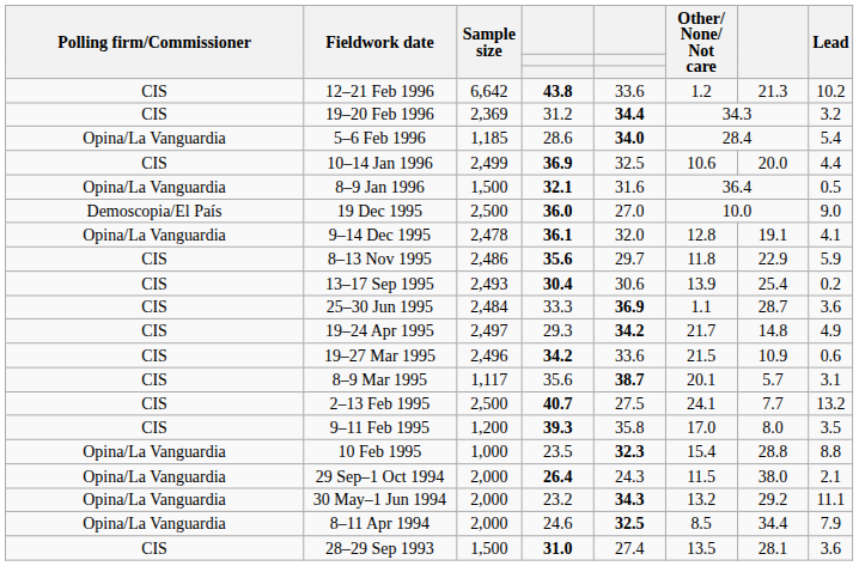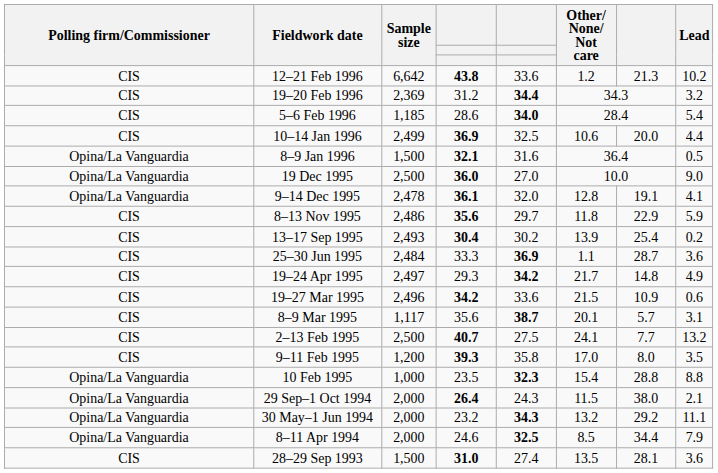 <table class="wikitable collapsible collapsed" style="text-align:center; font-size:90%; line-height:14px;">
 <tr style="height:42px;">
 <th style="width:250px;" rowspan="3">Polling firm/Commissioner</th>
 <th style="width:125px;" rowspan="3">Fieldwork date</th>
 <th style="width:50px;" rowspan="3">Sample size</th>
 <th style="width:55px;"></th>
 <th style="width:55px;"></th>
 <th style="width:55px;" rowspan="3">Other/<br>None/<br>Not<br>care</th>
 <th style="width:55px;" rowspan="3"></th>
 <th style="width:30px;" rowspan="3">Lead</th>
 </tr>
 <tr>
 <th style="color:inherit;background:"></th>
 <th style="color:inherit;background:"></th>
 </tr>
 <tr>
 <th></th>
 <th></th>
 </tr>
 <tr>
 <td>CIS</td>
 <td>12–21 Feb 1996</td>
 <td>6,642</td>
 <td><strong>43.8</strong></td>
 <td>33.6</td>
 <td>1.2</td>
 <td>21.3</td>
 <td style="background:">10.2</td>
 </tr>
 <tr>
 <td>CIS</td>
 <td>19–20 Feb 1996</td>
 <td>2,369</td>
 <td>31.2</td>
 <td><strong>34.4</strong></td>
 <td colspan="2">34.3</td>
 <td style="background:">3.2</td>
 </tr>
 <tr>
-<td>Opina/La Vanguardia</td>
+<td>CIS</td>
 <td>5–6 Feb 1996</td>
 <td>1,185</td>
 <td>28.6</td>
 <td><strong>34.0</strong></td>
 <td colspan="2">28.4</td>
 <td style="background:">5.4</td>
 </tr>
 <tr>
 <td>CIS</td>
 <td>10–14 Jan 1996</td>
 <td>2,499</td>
 <td><strong>36.9</strong></td>
 <td>32.5</td>
 <td>10.6</td>
 <td>20.0</td>
 <td style="background:">4.4</td>
 </tr>
 <tr>
 <td>Opina/La Vanguardia</td>
 <td>8–9 Jan 1996</td>
 <td>1,500</td>
 <td><strong>32.1</strong></td>
 <td>31.6</td>
 <td colspan="2">36.4</td>
 <td style="background:">0.5</td>
 </tr>
 <tr>
-<td>Demoscopia/El País</td>
+<td>Opina/La Vanguardia</td>
 <td>19 Dec 1995</td>
 <td>2,500</td>
 <td><strong>36.0</strong></td>
 <td>27.0</td>
 <td colspan="2">10.0</td>
 <td style="background:">9.0</td>
 </tr>
 <tr>
 <td>Opina/La Vanguardia</td>
 <td>9–14 Dec 1995</td>
 <td>2,478</td>
 <td><strong>36.1</strong></td>
 <td>32.0</td>
 <td>12.8</td>
 <td>19.1</td>
 <td style="background:">4.1</td>
 </tr>
 <tr>
 <td>CIS</td>
 <td>8–13 Nov 1995</td>
 <td>2,486</td>
 <td><strong>35.6</strong></td>
 <td>29.7</td>
 <td>11.8</td>
 <td>22.9</td>
 <td style="background:">5.9</td>
 </tr>
 <tr>
 <td>CIS</td>
 <td>13–17 Sep 1995</td>
 <td>2,493</td>
 <td><strong>30.4</strong></td>
-<td>30.6</td>
+<td>30.2</td>
 <td>13.9</td>
 <td>25.4</td>
 <td style="background:">0.2</td>
 </tr>
 <tr>
 <td>CIS</td>
 <td>25–30 Jun 1995</td>
 <td>2,484</td>
 <td>33.3</td>
 <td><strong>36.9</strong></td>
 <td>1.1</td>
 <td>28.7</td>
 <td style="background:">3.6</td>
 </tr>
 <tr>
 <td>CIS</td>
 <td>19–24 Apr 1995</td>
 <td>2,497</td>
 <td>29.3</td>
 <td><strong>34.2</strong></td>
 <td>21.7</td>
 <td>14.8</td>
 <td style="background:">4.9</td>
 </tr>
 <tr>
 <td>CIS</td>
 <td>19–27 Mar 1995</td>
 <td>2,496</td>
 <td><strong>34.2</strong></td>
 <td>33.6</td>
 <td>21.5</td>
 <td>10.9</td>
 <td style="background:">0.6</td>
 </tr>
 <tr>
 <td>CIS</td>
 <td>8–9 Mar 1995</td>
 <td>1,117</td>
 <td>35.6</td>
 <td><strong>38.7</strong></td>
 <td>20.1</td>
 <td>5.7</td>
 <td style="background:">3.1</td>
 </tr>
 <tr>
 <td>CIS</td>
 <td>2–13 Feb 1995</td>
 <td>2,500</td>
 <td><strong>40.7</strong></td>
 <td>27.5</td>
 <td>24.1</td>
 <td>7.7</td>
 <td style="background:">13.2</td>
 </tr>
 <tr>
 <td>CIS</td>
 <td>9–11 Feb 1995</td>
 <td>1,200</td>
 <td><strong>39.3</strong></td>
 <td>35.8</td>
 <td>17.0</td>
 <td>8.0</td>
 <td style="background:">3.5</td>
 </tr>
 <tr>
 <td>Opina/La Vanguardia</td>
 <td>10 Feb 1995</td>
 <td>1,000</td>
 <td>23.5</td>
 <td><strong>32.3</strong></td>
 <td>15.4</td>
 <td>28.8</td>
 <td style="background:">8.8</td>
 </tr>
 <tr>
 <td>Opina/La Vanguardia</td>
 <td>29 Sep–1 Oct 1994</td>
 <td>2,000</td>
 <td><strong>26.4</strong></td>
 <td>24.3</td>
 <td>11.5</td>
 <td>38.0</td>
 <td style="background:">2.1</td>
 </tr>
 <tr>
 <td>Opina/La Vanguardia</td>
 <td>30 May–1 Jun 1994</td>
 <td>2,000</td>
 <td>23.2</td>
 <td><strong>34.3</strong></td>
 <td>13.2</td>
 <td>29.2</td>
 <td style="background:">11.1</td>
 </tr>
 <tr>
 <td>Opina/La Vanguardia</td>
 <td>8–11 Apr 1994</td>
 <td>2,000</td>
 <td>24.6</td>
 <td><strong>32.5</strong></td>
 <td>8.5</td>
 <td>34.4</td>
 <td style="background:">7.9</td>
 </tr>
 <tr>
 <td>CIS</td>
 <td>28–29 Sep 1993</td>
 <td>1,500</td>
 <td><strong>31.0</strong></td>
 <td>27.4</td>
 <td>13.5</td>
 <td>28.1</td>
 <td style="background:">3.6</td>
 </tr>
 </table>
